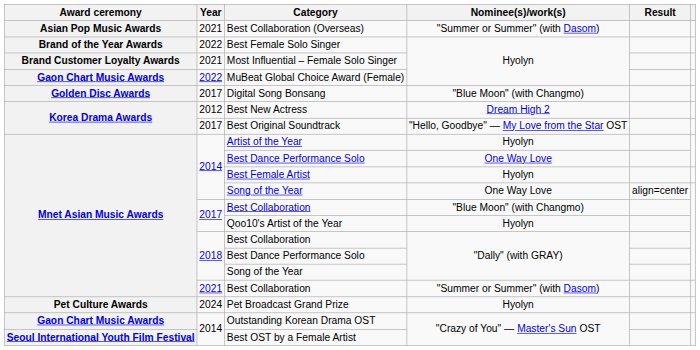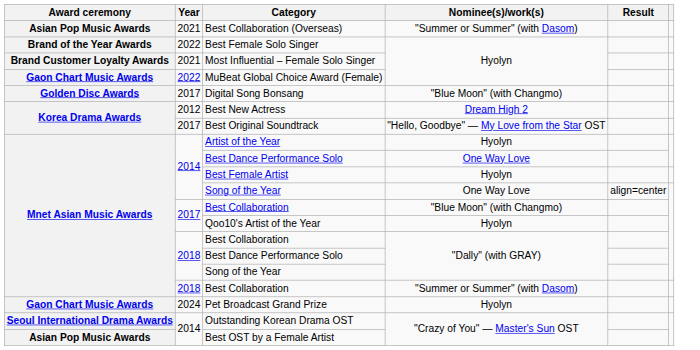 <table class="wikitable sortable plainrowheaders">
 <tr>
 <th scope="col">Award ceremony</th>
 <th scope="col">Year</th>
 <th scope="col">Category</th>
 <th scope="col">Nominee(s)/work(s)</th>
 <th scope="col">Result</th>
 <th scope="col" class="unsortable"></th>
 </tr>
 <tr>
 <th scope="row">Asian Pop Music Awards</th>
 <td align=center>2021</td>
 <td>Best Collaboration (Overseas)</td>
 <td align=center>"Summer or Summer" (with <a href='#'>Dasom</a>)</td>
 <td></td>
 <td align=center></td>
 </tr>
 <tr>
 <th scope="row">Brand of the Year Awards</th>
 <td align=center>2022</td>
 <td>Best Female Solo Singer</td>
 <td align=center rowspan="3">Hyolyn</td>
 <td></td>
 <td align=center></td>
 </tr>
 <tr>
 <th scope="row">Brand Customer Loyalty Awards</th>
 <td align=center>2021</td>
 <td>Most Influential – Female Solo Singer</td>
 <td></td>
 <td align=center></td>
 </tr>
 <tr>
 <th scope="row"><a href='#'>Gaon Chart Music Awards</a></th>
 <td align=center><a href='#'>2022</a></td>
 <td>MuBeat Global Choice Award (Female)</td>
 <td></td>
 <td align=center></td>
 </tr>
 <tr>
 <th scope="row"><a href='#'>Golden Disc Awards</a></th>
 <td align=center>2017</td>
 <td>Digital Song Bonsang</td>
 <td align=center>"Blue Moon" (with Changmo)</td>
 <td></td>
 <td></td>
 </tr>
 <tr>
 <th scope="row" rowspan="2"><a href='#'>Korea Drama Awards</a></th>
 <td align=center>2012</td>
 <td>Best New Actress</td>
 <td align=center><a href='#'>Dream High 2</a></td>
 <td></td>
 <td></td>
 </tr>
 <tr>
 <td align=center>2017</td>
 <td>Best Original Soundtrack</td>
 <td align=center>"Hello, Goodbye" — <a href='#'>My Love from the Star</a> OST</td>
 <td></td>
 <td></td>
 </tr>
 <tr>
 <th scope="row" rowspan="10"><a href='#'>Mnet Asian Music Awards</a></th>
 <td rowspan="4" align=center><a href='#'>2014</a></td>
 <td><a href='#'>Artist of the Year</a></td>
 <td align=center>Hyolyn</td>
 <td></td>
 <td rowspan="2"></td>
 </tr>
 <tr>
 <td><a href='#'>Best Dance Performance Solo</a></td>
 <td align=center><a href='#'>One Way Love</a></td>
 <td></td>
 </tr>
 <tr>
 <td><a href='#'>Best Female Artist</a></td>
 <td align=center>Hyolyn</td>
 <td></td>
 <td align=center></td>
 </tr>
 <tr>
 <td><a href='#'>Song of the Year</a></td>
 <td align=center>One Way Love</td>
 <td>align=center </td>
 <td rowspan="6"></td>
 </tr>
 <tr>
 <td rowspan="2" align=center><a href='#'>2017</a></td>
 <td><a href='#'>Best Collaboration</a></td>
 <td align=center>"Blue Moon" (with Changmo)</td>
 <td></td>
 </tr>
 <tr>
 <td>Qoo10's Artist of the Year</td>
 <td align=center>Hyolyn</td>
 <td></td>
 </tr>
 <tr>
 <td scope="row" rowspan="3" align=center><a href='#'>2018</a></td>
 <td>Best Collaboration</td>
 <td align=center rowspan="3">"Dally" (with GRAY)</td>
 <td></td>
 </tr>
 <tr>
 <td>Best Dance Performance Solo</td>
 <td></td>
 </tr>
 <tr>
 <td>Song of the Year</td>
 <td></td>
 </tr>
 <tr>
-<td align=center><a href='#'>2021</a></td>
+<td align=center><a href='#'>2018</a></td>
 <td>Best Collaboration</td>
 <td align=center>"Summer or Summer" (with <a href='#'>Dasom</a>)</td>
 <td></td>
 <td align=center></td>
 </tr>
 <tr>
-<th scope="row">Pet Culture Awards</th>
+<th scope="row"><a href='#'>Gaon Chart Music Awards</a></th>
 <td align=center>2024</td>
 <td>Pet Broadcast Grand Prize</td>
 <td align=center>Hyolyn</td>
 <td></td>
 <td align=center></td>
 </tr>
 <tr>
-<th scope="row"><a href='#'>Gaon Chart Music Awards</a></th>
+<th scope="row"><a href='#'>Seoul International Drama Awards</a></th>
 <td rowspan="2" align=center>2014</td>
 <td>Outstanding Korean Drama OST</td>
 <td align=center rowspan="2">"Crazy of You" — <a href='#'>Master's Sun</a> OST</td>
 <td></td>
 <td rowspan="2"></td>
 </tr>
 <tr>
-<th scope="row"><a href='#'>Seoul International Youth Film Festival</a></th>
+<th scope="row">Asian Pop Music Awards</th>
 <td>Best OST by a Female Artist</td>
 <td></td>
 </tr>
 </table>
